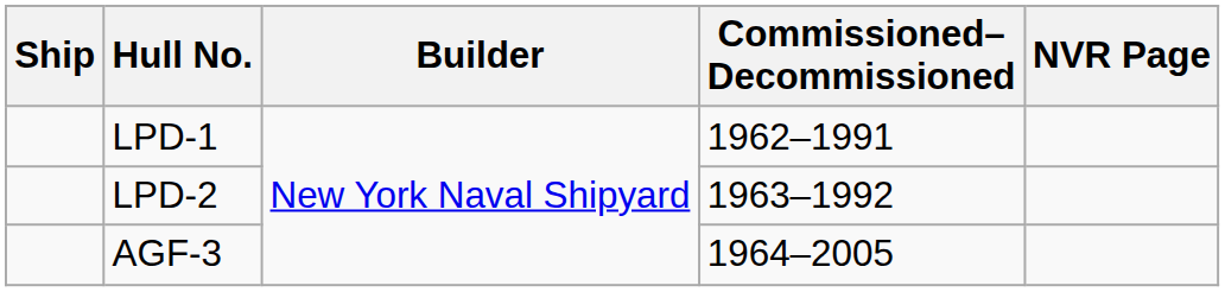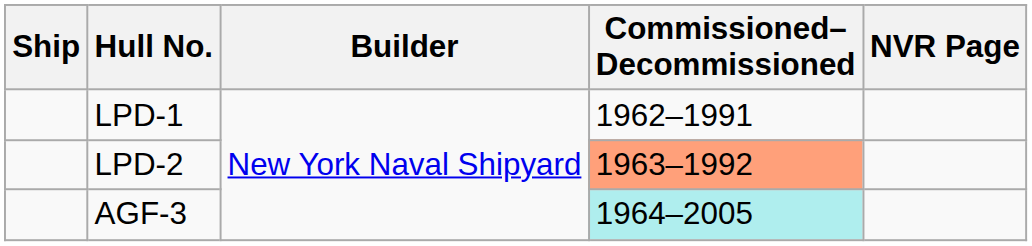 <table class="wikitable">
 <tr>
 <th>Ship</th>
 <th>Hull No.</th>
 <th>Builder</th>
 <th>Commissioned–<br>Decommissioned</th>
 <th>NVR Page</th>
 </tr>
 <tr>
 <td></td>
 <td>LPD-1</td>
 <td rowspan="3"><a href='#'>New York Naval Shipyard</a></td>
 <td>1962–1991</td>
 <td></td>
 </tr>
 <tr>
 <td></td>
 <td>LPD-2</td>
-<td>1963–1992</td>
+<td style="background: lightsalmon;">1963–1992</td>
 <td></td>
 </tr>
 <tr>
 <td></td>
 <td>AGF-3</td>
-<td>1964–2005</td>
+<td style="background: paleturquoise;">1964–2005</td>
 <td></td>
 </tr>
 </table>
